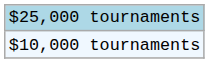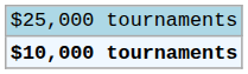 <table class=wikitable style="font-size:85%">
 <tr style="background:lightblue;">
 <td>$25,000 tournaments</td>
 </tr>
 <tr style="background:#f0f8ff;">
-<td>$10,000 tournaments</td>
+<td><strong>$10,000 tournaments</strong></td>
 </tr>
 </table>
